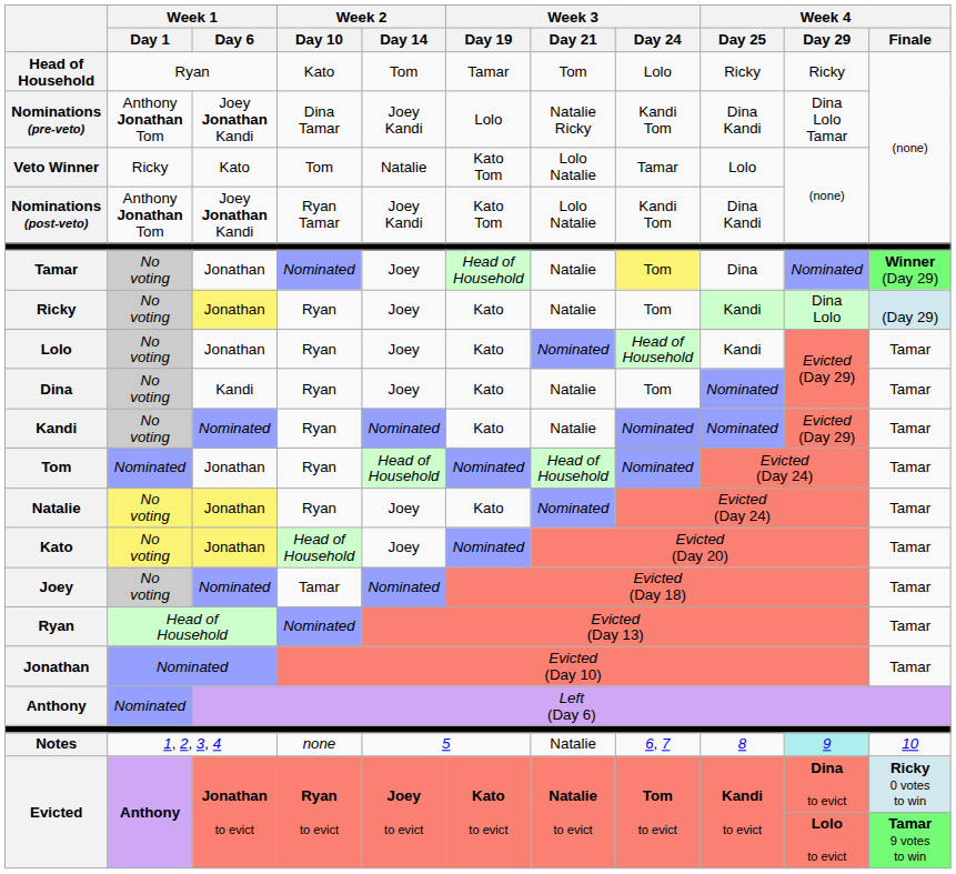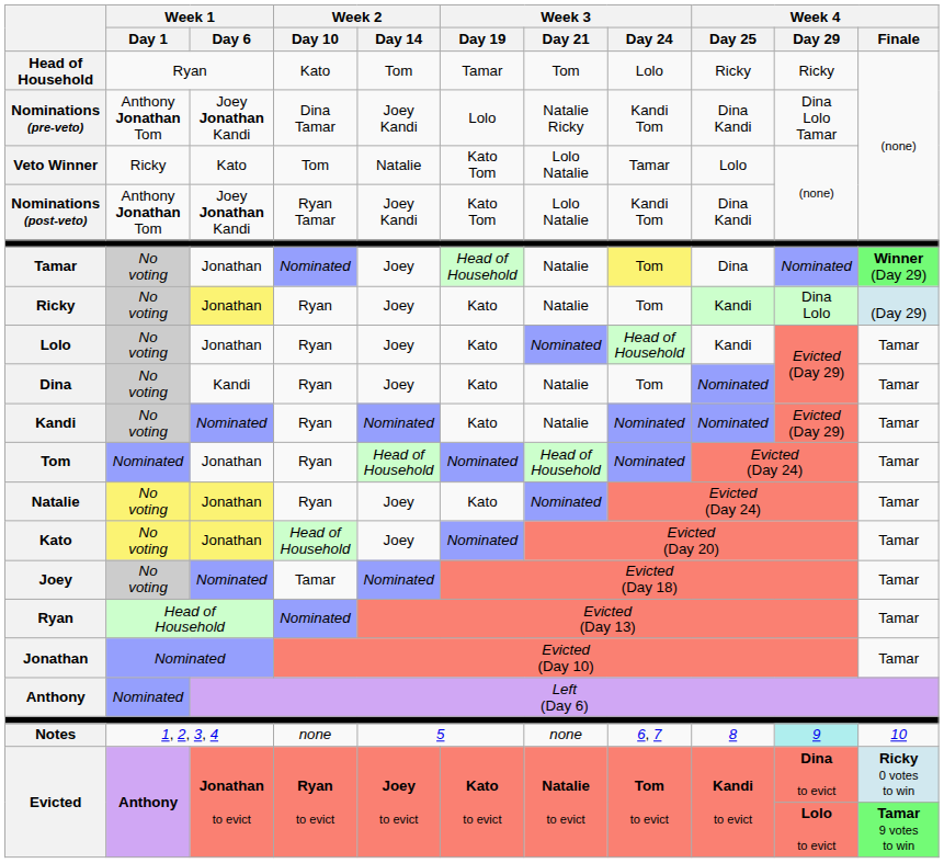 <table class="wikitable" style="text-align:center; font-size:85%">
 <tr>
 <th rowspan="2" style="width:8%"></th>
 <th colspan="2" style="width:8%">Week 1</th>
 <th colspan="2" style="width:8%">Week 2</th>
 <th colspan="3" style="width:8%">Week 3</th>
 <th colspan="3" style="width:8%">Week 4</th>
 </tr>
 <tr>
 <th style="width:8%">Day 1</th>
 <th style="width:8%">Day 6</th>
 <th style="width:8%">Day 10</th>
 <th style="width:8%">Day 14</th>
 <th style="width:8%">Day 19</th>
 <th style="width:8%">Day 21</th>
 <th style="width:8%">Day 24</th>
 <th style="width:8%">Day 25</th>
 <th style="width:8%">Day 29</th>
 <th style="width:8%">Finale</th>
 </tr>
 <tr>
 <th>Head of<br>Household</th>
 <td colspan="2">Ryan</td>
 <td>Kato</td>
 <td>Tom</td>
 <td>Tamar</td>
 <td>Tom</td>
 <td>Lolo</td>
 <td>Ricky</td>
 <td>Ricky</td>
 <td rowspan="4"><small>(none)</small></td>
 </tr>
 <tr>
 <th>Nominations<br><small><em>(pre-veto)</em></small></th>
 <td>Anthony<br><strong>Jonathan</strong><br>Tom</td>
 <td>Joey<br><strong>Jonathan</strong><br>Kandi</td>
 <td>Dina<br>Tamar</td>
 <td>Joey<br>Kandi</td>
 <td>Lolo</td>
 <td>Natalie<br>Ricky</td>
 <td>Kandi<br>Tom</td>
 <td>Dina<br>Kandi</td>
 <td>Dina<br>Lolo<br>Tamar</td>
 </tr>
 <tr>
 <th>Veto Winner</th>
 <td>Ricky</td>
 <td>Kato</td>
 <td>Tom</td>
 <td>Natalie</td>
 <td>Kato<br>Tom</td>
 <td>Lolo<br>Natalie</td>
 <td>Tamar</td>
 <td>Lolo</td>
 <td rowspan="2"><small>(none)</small></td>
 </tr>
 <tr>
 <th>Nominations<br><small><em>(post-veto)</em></small></th>
 <td>Anthony<br><strong>Jonathan</strong><br>Tom</td>
 <td>Joey<br><strong>Jonathan</strong><br>Kandi</td>
 <td>Ryan<br>Tamar</td>
 <td>Joey<br>Kandi</td>
 <td>Kato<br>Tom</td>
 <td>Lolo<br>Natalie</td>
 <td>Kandi<br>Tom</td>
 <td>Dina<br>Kandi</td>
 </tr>
 <tr>
 <th colspan="12" style="background:#000000"></th>
 </tr>
 <tr>
 <th>Tamar</th>
 <td style="background:#ccc"><em>No<br>voting</em></td>
 <td>Jonathan</td>
 <td style="background:#959ffd"><em>Nominated</em></td>
 <td>Joey</td>
 <td style="background:#cfc"><em>Head of</em><br><em>Household</em></td>
 <td>Natalie</td>
 <td style="background:#FBF373">Tom</td>
 <td>Dina</td>
 <td style="background:#959ffd"><em>Nominated</em></td>
 <td style="background:#73fb76;"><strong>Winner</strong><br>(Day 29)</td>
 </tr>
 <tr>
 <th>Ricky</th>
 <td style="background:#ccc"><em>No<br>voting</em></td>
 <td style="background:#FBF373">Jonathan</td>
 <td>Ryan</td>
 <td>Joey</td>
 <td>Kato</td>
 <td>Natalie</td>
 <td>Tom</td>
 <td style="background:#cfc">Kandi</td>
 <td style="background:#cfc">Dina<br>Lolo</td>
 <td style="background:#d1e8ef;"><br>(Day 29)</td>
 </tr>
 <tr>
 <th>Lolo</th>
 <td style="background:#ccc"><em>No<br>voting</em></td>
 <td>Jonathan</td>
 <td>Ryan</td>
 <td>Joey</td>
 <td>Kato</td>
 <td style="background:#959ffd"><em>Nominated</em></td>
 <td style="background:#cfc"><em>Head of</em><br><em>Household</em></td>
 <td>Kandi</td>
 <td rowspan="2" style="background:salmon"><em>Evicted</em><br>(Day 29)</td>
 <td>Tamar</td>
 </tr>
 <tr>
 <th>Dina</th>
 <td style="background:#ccc"><em>No<br>voting</em></td>
 <td>Kandi</td>
 <td>Ryan</td>
 <td>Joey</td>
 <td>Kato</td>
 <td>Natalie</td>
 <td>Tom</td>
 <td style="background:#959ffd"><em>Nominated</em></td>
 <td>Tamar</td>
 </tr>
 <tr>
 <th>Kandi</th>
 <td style="background:#ccc"><em>No<br>voting</em></td>
 <td style="background:#959ffd"><em>Nominated</em></td>
 <td>Ryan</td>
 <td style="background:#959ffd"><em>Nominated</em></td>
 <td>Kato</td>
 <td>Natalie</td>
 <td style="background:#959ffd"><em>Nominated</em></td>
 <td style="background:#959ffd"><em>Nominated</em></td>
 <td style="background:salmon"><em>Evicted</em><br>(Day 29)</td>
 <td>Tamar</td>
 </tr>
 <tr>
 <th>Tom</th>
 <td style="background:#959ffd"><em>Nominated</em></td>
 <td>Jonathan</td>
 <td>Ryan</td>
 <td style="background:#cfc"><em>Head of</em><br><em>Household</em></td>
 <td style="background:#959ffd"><em>Nominated</em></td>
 <td style="background:#cfc"><em>Head of</em><br><em>Household</em></td>
 <td style="background:#959ffd"><em>Nominated</em></td>
 <td colspan="2”" style="background:salmon"><em>Evicted</em><br>(Day 24)</td>
 <td>Tamar</td>
 </tr>
 <tr>
 <th>Natalie</th>
 <td style="background:#FBF373"><em>No<br>voting</em></td>
 <td style="background:#FBF373">Jonathan</td>
 <td>Ryan</td>
 <td>Joey</td>
 <td>Kato</td>
 <td style="background:#959ffd"><em>Nominated</em></td>
 <td colspan="3”" style="background:salmon"><em>Evicted</em><br>(Day 24)</td>
 <td>Tamar</td>
 </tr>
 <tr>
 <th>Kato</th>
 <td style="background:#FBF373"><em>No<br>voting</em></td>
 <td style="background:#FBF373">Jonathan</td>
 <td style="background:#cfc"><em>Head of</em><br><em>Household</em></td>
 <td>Joey</td>
 <td style="background:#959ffd"><em>Nominated</em></td>
 <td colspan="4”" style="background:salmon"><em>Evicted</em><br>(Day 20)</td>
 <td>Tamar</td>
 </tr>
 <tr>
 <th>Joey</th>
 <td style="background:#ccc"><em>No<br>voting</em></td>
 <td style="background:#959ffd"><em>Nominated</em></td>
 <td>Tamar</td>
 <td style="background:#959ffd"><em>Nominated</em></td>
 <td colspan="5”" style="background:salmon"><em>Evicted</em><br>(Day 18)</td>
 <td>Tamar</td>
 </tr>
 <tr>
 <th>Ryan</th>
 <td colspan="2" style="background:#cfc"><em>Head of</em><br><em>Household</em></td>
 <td style="background:#959ffd"><em>Nominated</em></td>
 <td colspan="6”" style="background:salmon"><em>Evicted</em><br>(Day 13)</td>
 <td>Tamar</td>
 </tr>
 <tr>
 <th>Jonathan</th>
 <td colspan="2" style="background:#959ffd"><em>Nominated</em></td>
 <td colspan="7”" style="background:salmon"><em>Evicted</em><br>(Day 10)</td>
 <td>Tamar</td>
 </tr>
 <tr>
 <th>Anthony</th>
 <td style="background:#959ffd"><em>Nominated</em></td>
 <td colspan="10" style="background:#D0A7F4"><em>Left</em><br>(Day 6)</td>
 </tr>
 <tr>
 <th colspan="12" style="background:#000"></th>
 </tr>
 <tr>
 <th>Notes</th>
 <td colspan="2"><em><a href='#'>1</a></em>, <em><a href='#'>2</a></em>, <em><a href='#'>3</a></em>, <em><a href='#'>4</a></em></td>
 <td><em>none</em></td>
 <td colspan="2"><em><a href='#'>5</a></em></td>
-<td>Natalie</td>
+<td><em>none</em></td>
 <td><em><a href='#'>6</a></em>, <em><a href='#'>7</a></em></td>
 <td><em><a href='#'>8</a></em></td>
 <td style="background: paleturquoise;"><em><a href='#'>9</a></em></td>
 <td><em><a href='#'>10</a></em></td>
 </tr>
 <tr>
 <th rowspan="2">Evicted</th>
 <td rowspan="2" style="background:#D0A7F4"><strong>Anthony</strong> <br><small></small></td>
 <td rowspan="2" style="background:salmon"><strong>Jonathan</strong><br><small><br> to evict</small></td>
 <td rowspan="2" style="background:salmon"><strong>Ryan</strong><br><small><br> to evict</small></td>
 <td rowspan="2" style="background:salmon"><strong>Joey</strong><br><small><br> to evict</small></td>
 <td rowspan="2" style="background:salmon"><strong>Kato</strong><br><small><br> to evict</small></td>
 <td rowspan="2" style="background:salmon"><strong>Natalie</strong><br><small><br> to evict</small></td>
 <td rowspan="2" style="background:salmon"><strong>Tom</strong><br><small><br> to evict</small></td>
 <td rowspan="2" style="background:salmon"><strong>Kandi</strong><br><small><br> to evict</small></td>
 <td style="background:salmon"><strong>Dina</strong><br><small><br> to evict</small></td>
 <td style="background:#D1E8EF"><strong>Ricky</strong><br><small>0 votes<br> to win</small></td>
 </tr>
 <tr>
 <td style="background:salmon"><strong>Lolo</strong><br><small><br> to evict</small></td>
 <td style="background:#73FB76"><strong>Tamar</strong><br><small>9 votes<br> to win</small></td>
 </tr>
 </table>
